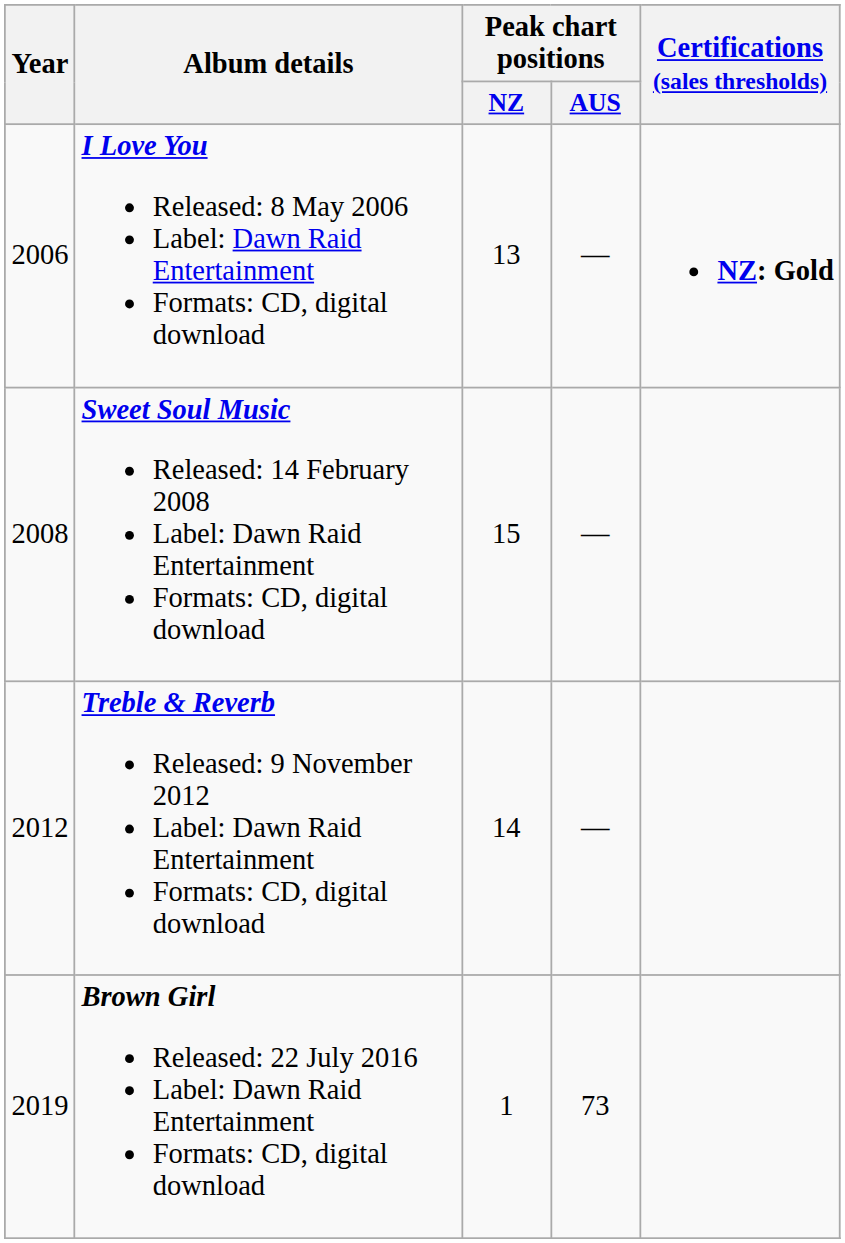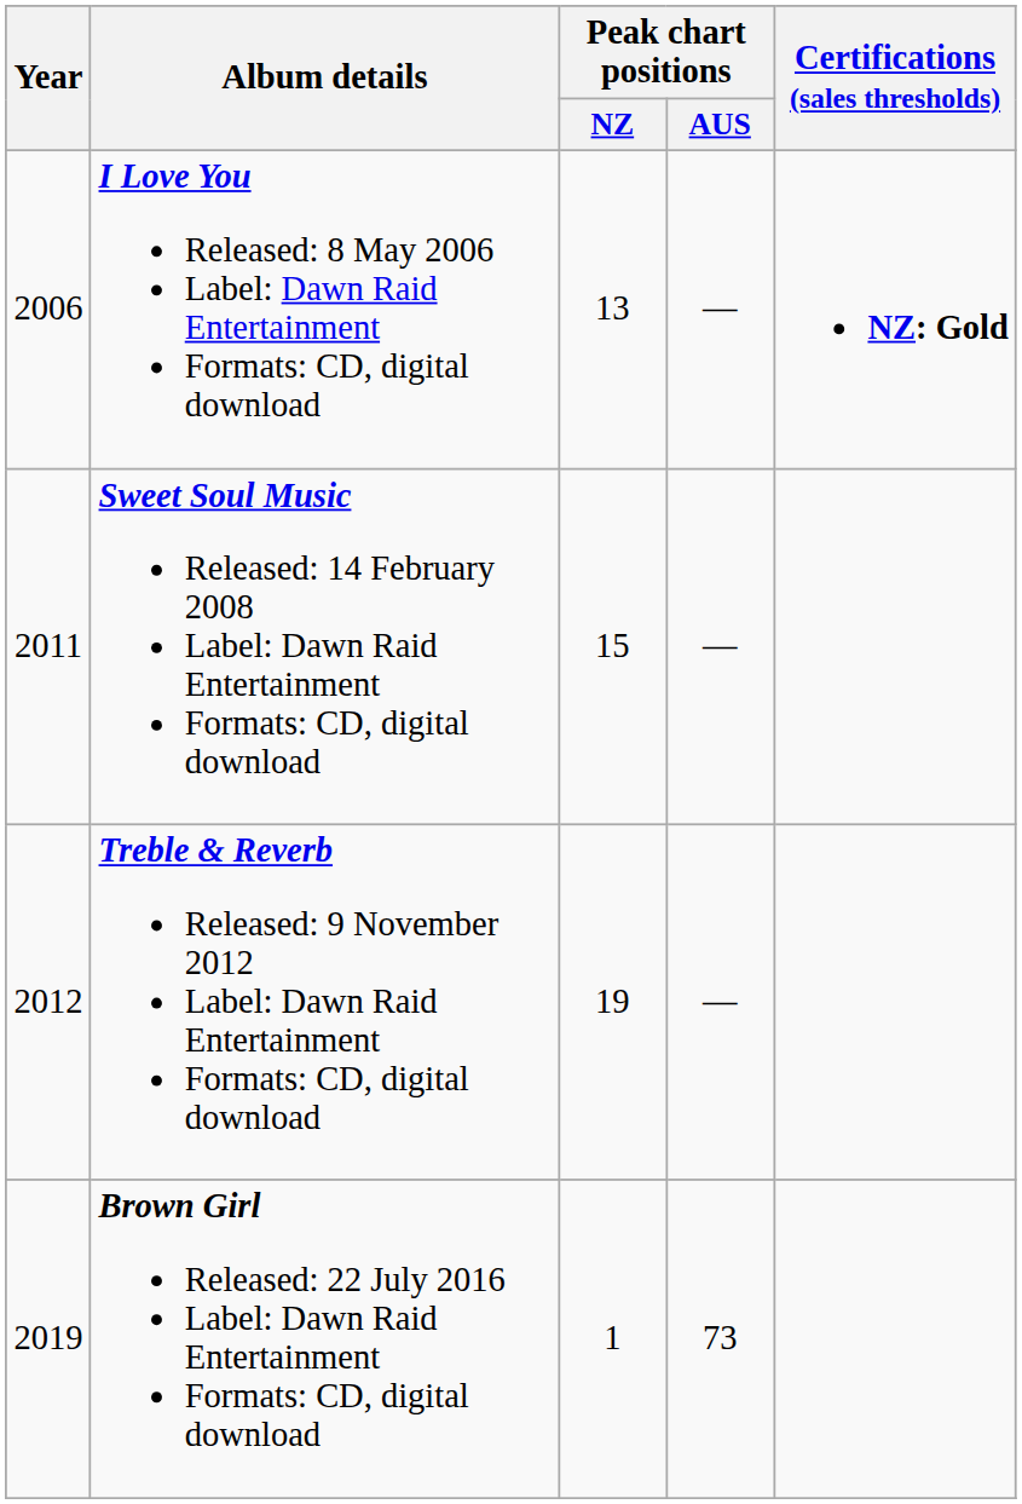 <table class="wikitable" style=text-align:center;>
 <tr>
 <th rowspan="2" width="3">Year</th>
 <th rowspan="2" style="width:210px;">Album details</th>
 <th colspan="2">Peak chart positions</th>
 <th rowspan="2"><a href='#'>Certifications</a><br><small><a href='#'>(sales thresholds)</a></small></th>
 </tr>
 <tr>
 <th scope="col" style="width:3em;font-size:90%;"><a href='#'>NZ</a><br></th>
 <th scope="col" style="width:3em;font-size:90%;"><a href='#'>AUS</a><br></th>
 </tr>
 <tr>
 <td>2006</td>
 <td align="left"><strong><em><a href='#'>I Love You</a></em></strong><br><ul><li>Released: 8 May 2006</li><li>Label: <a href='#'>Dawn Raid Entertainment</a></li><li>Formats: CD, digital download</li></ul></td>
 <td>13</td>
 <td>—</td>
 <td align="left"><strong><br><ul><li><a href='#'>NZ</a>: Gold</li></ul></strong></td>
 </tr>
 <tr>
-<td>2008</td>
+<td>2011</td>
 <td align="left"><strong><em><a href='#'>Sweet Soul Music</a></em></strong><br><ul><li>Released: 14 February 2008</li><li>Label: Dawn Raid Entertainment</li><li>Formats: CD, digital download</li></ul></td>
 <td>15</td>
 <td>—</td>
 <td style="text-align:center;"></td>
 </tr>
 <tr>
 <td>2012</td>
 <td align="left"><strong><em><a href='#'>Treble & Reverb</a></em></strong><br><ul><li>Released: 9 November 2012</li><li>Label: Dawn Raid Entertainment</li><li>Formats: CD, digital download</li></ul></td>
-<td>14</td>
+<td>19</td>
 <td>—</td>
 <td style="text-align:center;"></td>
 </tr>
 <tr>
 <td>2019</td>
 <td align="left"><strong><em>Brown Girl</em></strong><br><ul><li>Released: 22 July 2016</li><li>Label: Dawn Raid Entertainment</li><li>Formats: CD, digital download</li></ul></td>
 <td>1<br></td>
 <td>73</td>
 <td style="text-align:center;"></td>
 </tr>
 <tr>
 </tr>
 </table>
